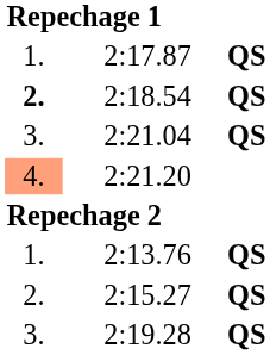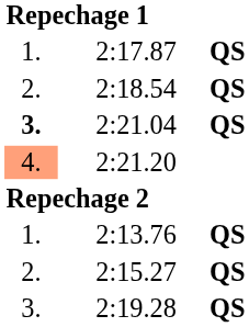 <table style="text-align:center">
 <tr>
 <td colspan=4 align=left><strong>Repechage 1</strong></td>
 </tr>
 <tr>
 <td width=30>1.</td>
 <td align=left></td>
 <td width=80>2:17.87</td>
 <td><strong>QS</strong></td>
 </tr>
 <tr>
-<td><strong>2.</strong></td>
+<td>2.</td>
 <td align=left></td>
 <td>2:18.54</td>
 <td><strong>QS</strong></td>
 </tr>
 <tr>
-<td>3.</td>
+<td><strong>3.</strong></td>
 <td align=left></td>
 <td>2:21.04</td>
 <td><strong>QS</strong></td>
 </tr>
 <tr>
 <td style="background: lightsalmon;">4.</td>
 <td align=left></td>
 <td>2:21.20</td>
 <td></td>
 </tr>
 <tr>
 <td colspan=4 align=left><strong>Repechage 2</strong></td>
 </tr>
 <tr>
 <td>1.</td>
 <td align=left></td>
 <td>2:13.76</td>
 <td><strong>QS</strong></td>
 </tr>
 <tr>
 <td>2.</td>
 <td align=left></td>
 <td>2:15.27</td>
 <td><strong>QS</strong></td>
 </tr>
 <tr>
 <td>3.</td>
 <td align=left></td>
 <td>2:19.28</td>
 <td><strong>QS</strong></td>
 </tr>
 </table>
